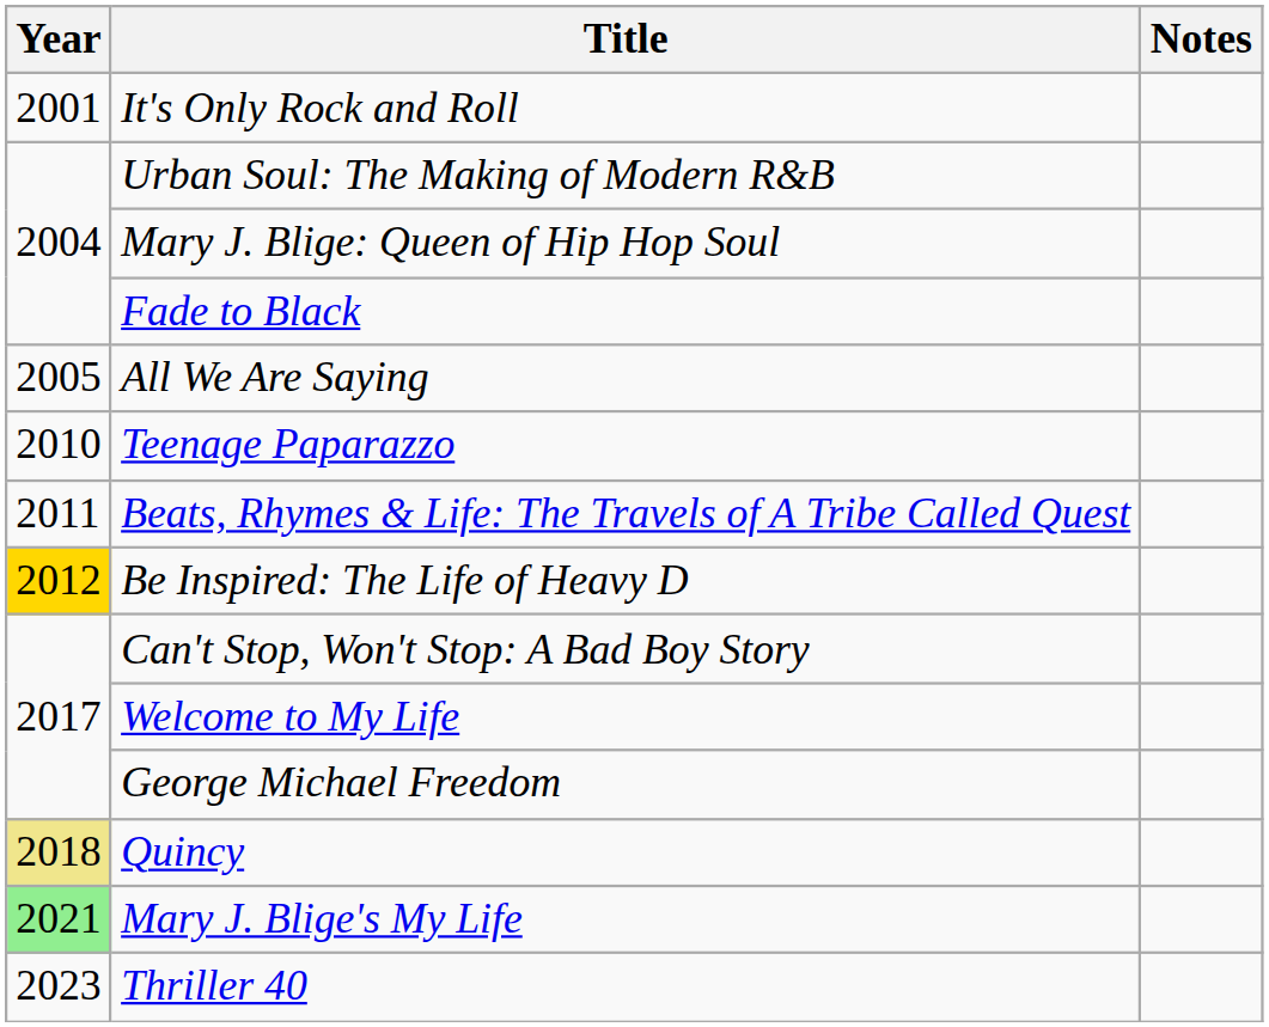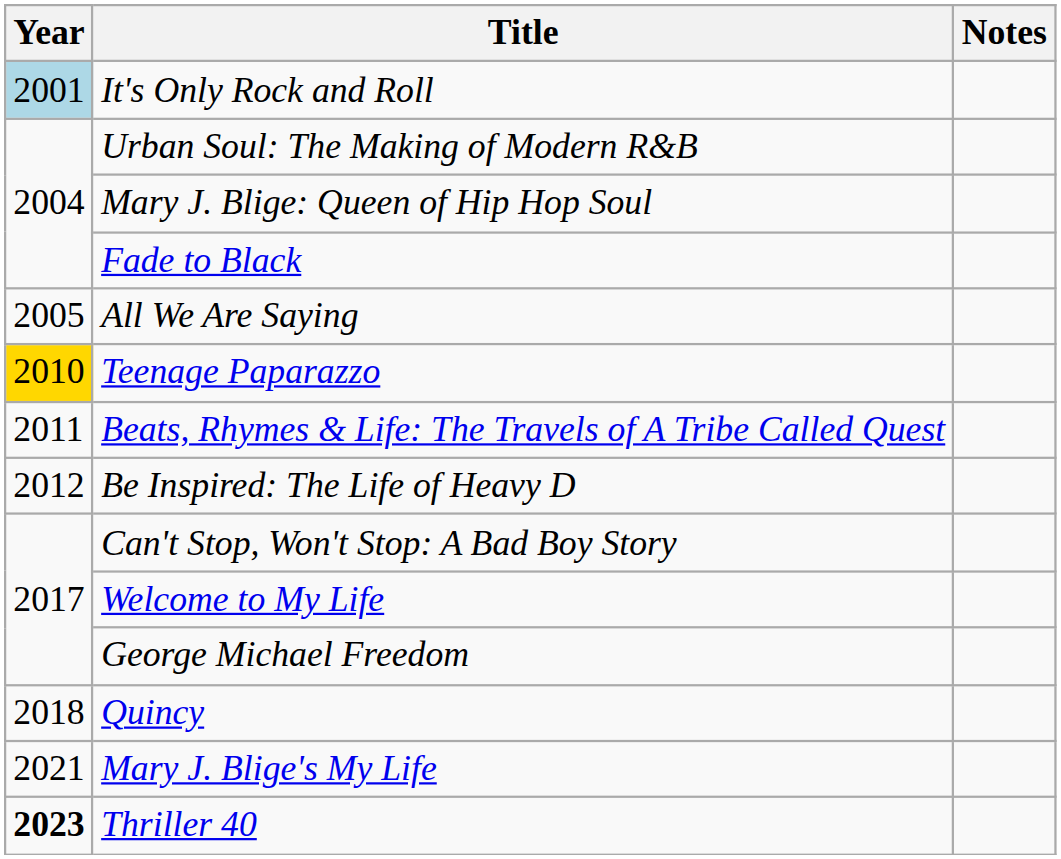 <table class="wikitable sortable">
 <tr>
 <th>Year</th>
 <th>Title</th>
 <th>Notes</th>
 </tr>
 <tr>
-<td>2001</td>
+<td style="background: lightblue;">2001</td>
 <td><em>It's Only Rock and Roll</em></td>
 <td></td>
 </tr>
 <tr>
 <td rowspan="3">2004</td>
 <td><em>Urban Soul: The Making of Modern R&B</em></td>
 <td></td>
 </tr>
 <tr>
 <td><em>Mary J. Blige: Queen of Hip Hop Soul</em></td>
 <td></td>
 </tr>
 <tr>
 <td><em><a href='#'>Fade to Black</a></em></td>
 <td></td>
 </tr>
 <tr>
 <td>2005</td>
 <td><em>All We Are Saying</em></td>
 <td></td>
 </tr>
 <tr>
-<td>2010</td>
+<td style="background: gold;">2010</td>
 <td><em><a href='#'>Teenage Paparazzo</a></em></td>
 <td></td>
 </tr>
 <tr>
 <td>2011</td>
 <td><em><a href='#'>Beats, Rhymes & Life: The Travels of A Tribe Called Quest</a></em></td>
 <td></td>
 </tr>
 <tr>
-<td style="background: gold;">2012</td>
+<td>2012</td>
 <td><em>Be Inspired: The Life of Heavy D</em></td>
 <td></td>
 </tr>
 <tr>
 <td rowspan="3">2017</td>
 <td><em>Can't Stop, Won't Stop: A Bad Boy Story</em></td>
 <td></td>
 </tr>
 <tr>
 <td><em><a href='#'>Welcome to My Life</a></em></td>
 <td></td>
 </tr>
 <tr>
 <td><em>George Michael Freedom</em></td>
 <td></td>
 </tr>
 <tr>
-<td style="background: khaki;">2018</td>
+<td>2018</td>
 <td><em><a href='#'>Quincy</a></em></td>
 <td></td>
 </tr>
 <tr>
-<td style="background: lightgreen;">2021</td>
+<td>2021</td>
 <td><em><a href='#'>Mary J. Blige's My Life</a></em></td>
 <td></td>
 </tr>
 <tr>
-<td>2023</td>
+<td><strong>2023</strong></td>
 <td><em><a href='#'>Thriller 40</a></em></td>
 <td></td>
 </tr>
 </table>
